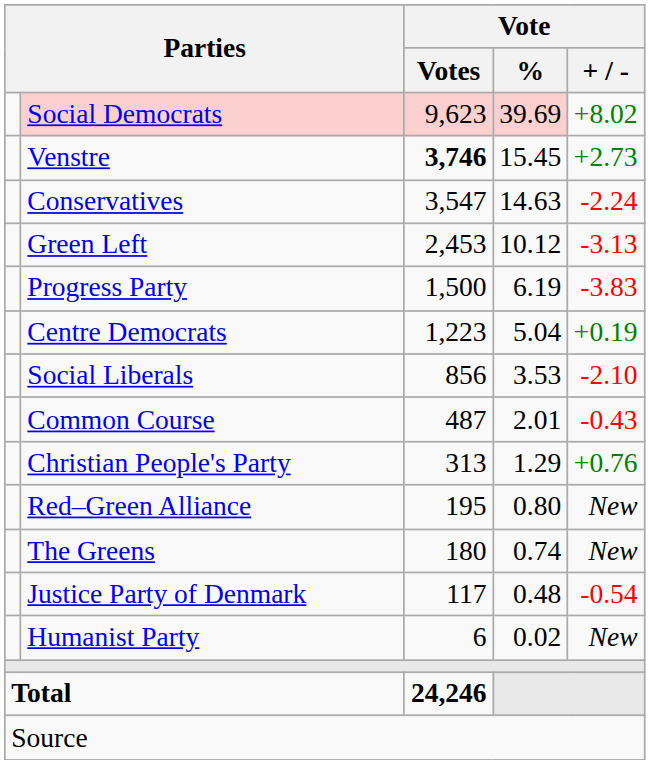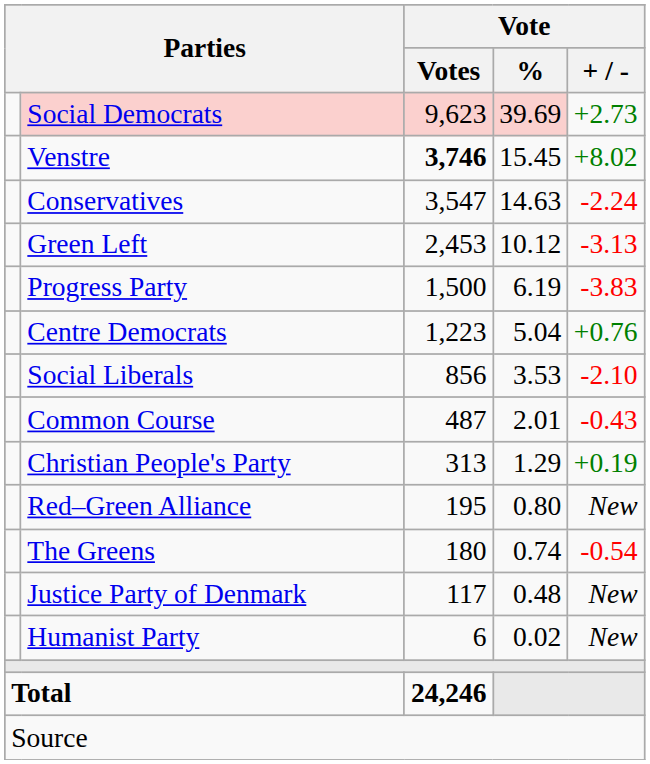 <table class="wikitable" style="text-align:right;">
 <tr>
 <th style="text-align:centre;" rowspan="2" colspan="2" width="225">Parties</th>
 <th colspan="3">Vote</th>
 </tr>
 <tr>
 <th width="15">Votes</th>
 <th width="15">%</th>
 <th width="15">+ / -</th>
 </tr>
 <tr>
 <td width="2" style="color:inherit;background:"></td>
 <td bgcolor=#fbd0ce  align="left"><a href='#'>Social Democrats</a></td>
 <td bgcolor=#fbd0ce>9,623</td>
 <td bgcolor=#fbd0ce>39.69</td>
-<td style=color:green;>+8.02</td>
+<td style=color:green;>+2.73</td>
 </tr>
 <tr>
 <td width="2" style="color:inherit;background:"></td>
 <td align="left"><a href='#'>Venstre</a></td>
 <td><strong>3,746</strong></td>
 <td>15.45</td>
-<td style=color:green;>+2.73</td>
+<td style=color:green;>+8.02</td>
 </tr>
 <tr>
 <td width="2" style="color:inherit;background:"></td>
 <td align="left"><a href='#'>Conservatives</a></td>
 <td>3,547</td>
 <td>14.63</td>
 <td style=color:red;>-2.24</td>
 </tr>
 <tr>
 <td width="2" style="color:inherit;background:"></td>
 <td align="left"><a href='#'>Green Left</a></td>
 <td>2,453</td>
 <td>10.12</td>
 <td style=color:red;>-3.13</td>
 </tr>
 <tr>
 <td width="2" style="color:inherit;background:"></td>
 <td align="left"><a href='#'>Progress Party</a></td>
 <td>1,500</td>
 <td>6.19</td>
 <td style=color:red;>-3.83</td>
 </tr>
 <tr>
 <td width="2" style="color:inherit;background:"></td>
 <td align="left"><a href='#'>Centre Democrats</a></td>
 <td>1,223</td>
 <td>5.04</td>
-<td style=color:green;>+0.19</td>
+<td style=color:green;>+0.76</td>
 </tr>
 <tr>
 <td width="2" style="color:inherit;background:"></td>
 <td align="left"><a href='#'>Social Liberals</a></td>
 <td>856</td>
 <td>3.53</td>
 <td style=color:red;>-2.10</td>
 </tr>
 <tr>
 <td width="2" style="color:inherit;background:"></td>
 <td align="left"><a href='#'>Common Course</a></td>
 <td>487</td>
 <td>2.01</td>
 <td style=color:red;>-0.43</td>
 </tr>
 <tr>
 <td width="2" style="color:inherit;background:"></td>
 <td align="left"><a href='#'>Christian People's Party</a></td>
 <td>313</td>
 <td>1.29</td>
-<td style=color:green;>+0.76</td>
+<td style=color:green;>+0.19</td>
 </tr>
 <tr>
 <td width="2" style="color:inherit;background:"></td>
 <td align="left"><a href='#'>Red–Green Alliance</a></td>
 <td>195</td>
 <td>0.80</td>
 <td><em>New</em></td>
 </tr>
 <tr>
 <td width="2" style="color:inherit;background:"></td>
 <td align="left"><a href='#'>The Greens</a></td>
 <td>180</td>
 <td>0.74</td>
-<td><em>New</em></td>
+<td style=color:red;>-0.54</td>
 </tr>
 <tr>
 <td width="2" style="color:inherit;background:"></td>
 <td align="left"><a href='#'>Justice Party of Denmark</a></td>
 <td>117</td>
 <td>0.48</td>
-<td style=color:red;>-0.54</td>
+<td><em>New</em></td>
 </tr>
 <tr>
 <td width="2" style="color:inherit;background:"></td>
 <td align="left"><a href='#'>Humanist Party</a></td>
 <td>6</td>
 <td>0.02</td>
 <td><em>New</em></td>
 </tr>
 <tr>
 <td colspan="7" bgcolor="#E9E9E9"></td>
 </tr>
 <tr>
 <td align="left" colspan="2"><strong>Total</strong></td>
 <td><strong>24,246</strong></td>
 <td bgcolor="#E9E9E9" colspan="2"></td>
 </tr>
 <tr>
 <td align="left" colspan="6">Source</td>
 </tr>
 </table>
